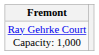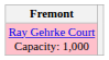 <table class="wikitable" style="margin:1em auto; text-align:center;">
 <tr>
 <th style="border-left:none; border-right;">Fremont</th>
 <th rowspan="6"></th>
 </tr>
 <tr>
-<td><a href='#'>Ray Gehrke Court</a><br>Capacity: 1,000</td>
+<td style="background: pink;"><a href='#'>Ray Gehrke Court</a><br>Capacity: 1,000</td>
 </tr>
 </table>
